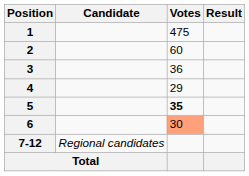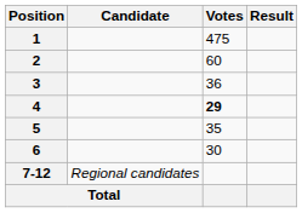 <table class="wikitable sortable col3right">
 <tr>
 <th scope="col">Position</th>
 <th scope="col">Candidate</th>
 <th scope="col">Votes</th>
 <th scope="col">Result</th>
 </tr>
 <tr>
 <th scope="row">1</th>
 <td></td>
 <td>475</td>
 <td></td>
 </tr>
 <tr>
 <th scope="row">2</th>
 <td></td>
 <td>60</td>
 <td></td>
 </tr>
 <tr>
 <th scope="row">3</th>
 <td></td>
 <td>36</td>
 <td></td>
 </tr>
 <tr>
 <th scope="row">4</th>
 <td></td>
-<td>29</td>
+<td><strong>29</strong></td>
 <td></td>
 </tr>
 <tr>
 <th scope="row">5</th>
 <td></td>
-<td><strong>35</strong></td>
+<td>35</td>
 <td></td>
 </tr>
 <tr>
 <th scope="row">6</th>
 <td></td>
-<td style="background: lightsalmon;">30</td>
+<td>30</td>
 <td></td>
 </tr>
 <tr>
 <th scope="row">7-12</th>
 <td><em>Regional candidates</em></td>
 <td></td>
 <td></td>
 </tr>
 <tr class="sortbottom">
 <th scope="row" colspan="2">Total</th>
 <th></th>
 <th></th>
 </tr>
 </table>
